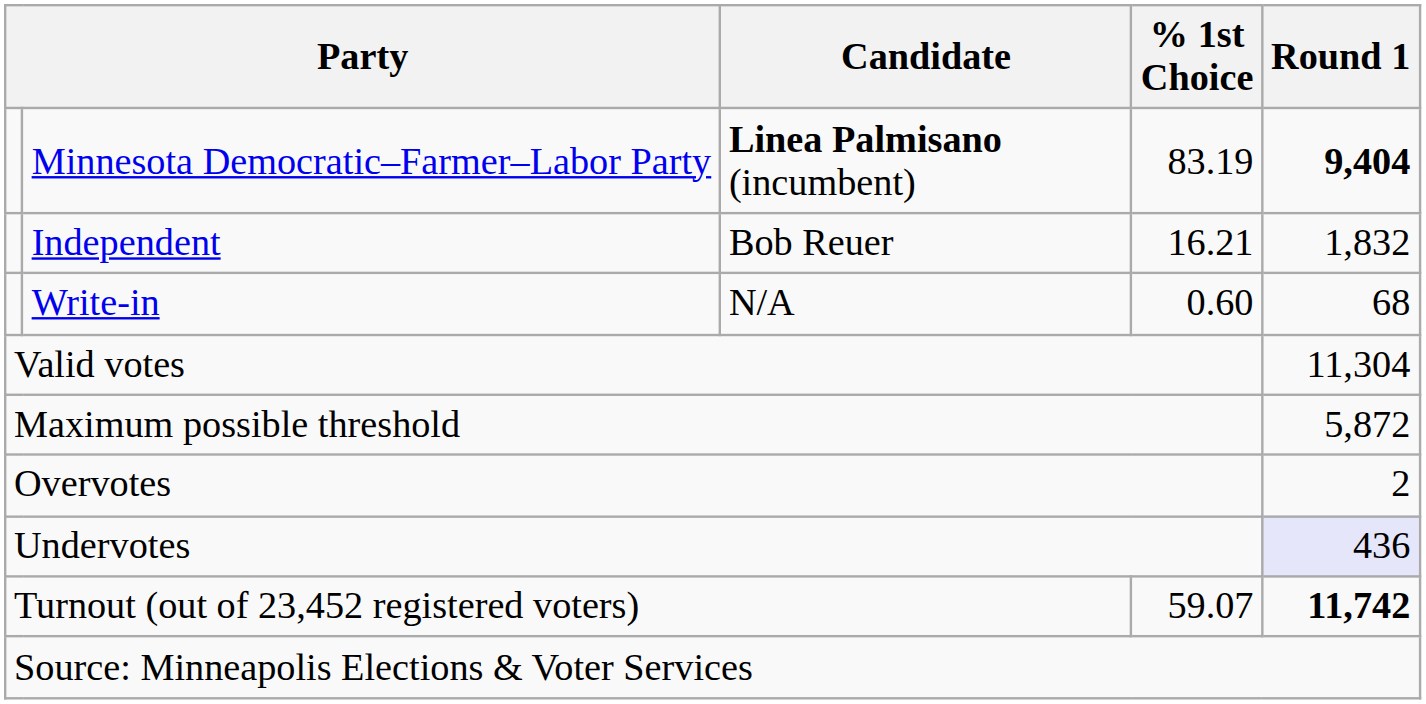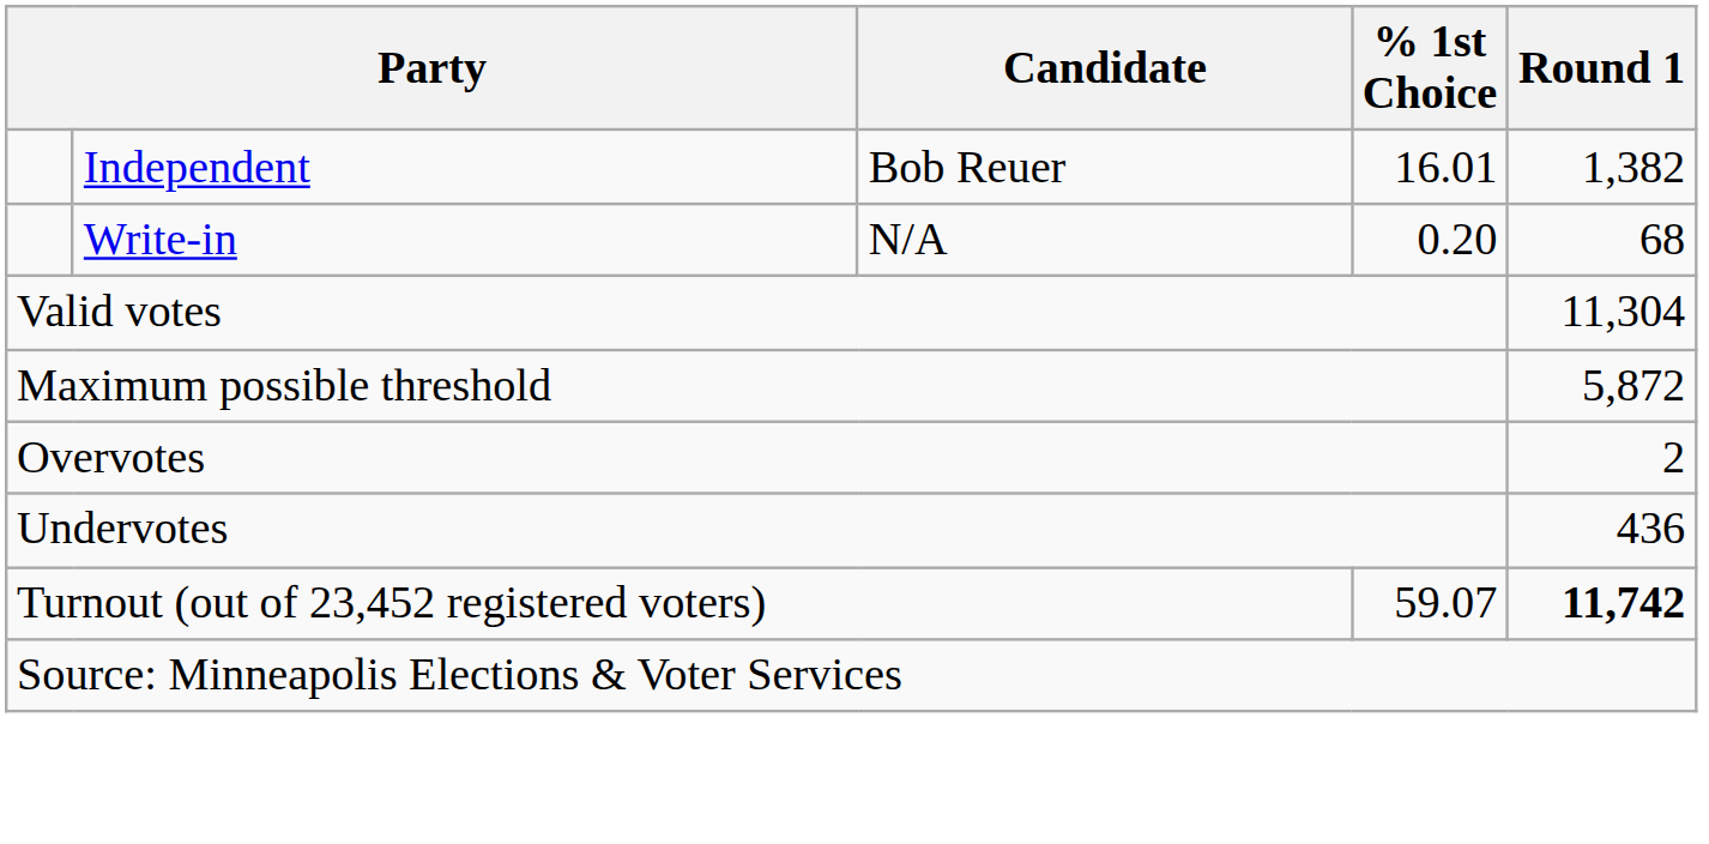 <table class="wikitable">
 <tr>
 <th colspan="2" style="width:290px">Party</th>
 <th style="width:165px">Candidate</th>
 <th>% 1st<br>Choice</th>
 <th>Round 1</th>
 </tr>
 <tr>
 <td style="background-color:"></td>
-<td><a href='#'>Minnesota Democratic–Farmer–Labor Party</a></td>
-<td><strong>Linea Palmisano</strong> (incumbent)</td>
-<td align="right">83.19</td>
-<td align="right"><strong>9,404</strong></td>
-</tr>
-<tr>
-<td style="background-color:"></td>
 <td><a href='#'>Independent</a></td>
 <td>Bob Reuer</td>
-<td align="right">16.21</td>
-<td align="right">1,832</td>
+<td align="right">16.01</td>
+<td align="right">1,382</td>
 </tr>
 <tr>
 <td style="background-color:"></td>
 <td><a href='#'>Write-in</a></td>
 <td>N/A</td>
-<td align="right">0.60</td>
+<td align="right">0.20</td>
 <td align="right">68</td>
 </tr>
 <tr>
 <td colspan="4">Valid votes</td>
 <td align="right">11,304</td>
 </tr>
 <tr>
 <td colspan="4">Maximum possible threshold</td>
 <td align="right">5,872</td>
 </tr>
 <tr>
 <td colspan="4">Overvotes</td>
 <td align="right">2</td>
 </tr>
 <tr>
 <td colspan="4">Undervotes</td>
-<td align="right" style="background: lavender;">436</td>
+<td align="right">436</td>
 </tr>
 <tr>
 <td colspan="3">Turnout (out of 23,452 registered voters)</td>
 <td align="right">59.07</td>
 <td align="right"><strong>11,742</strong></td>
 </tr>
 <tr>
 <td colspan="5">Source: Minneapolis Elections & Voter Services</td>
 </tr>
 </table>
